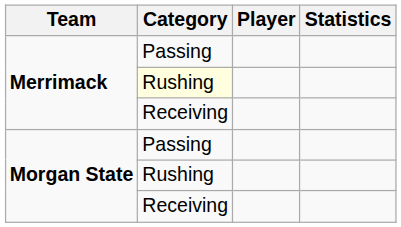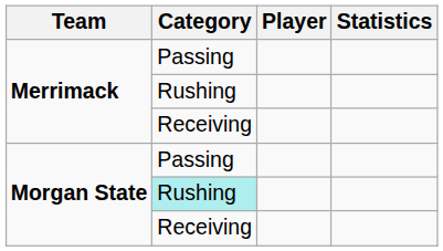 <table class="wikitable" style="float: right;">
 <tr>
 <th>Team</th>
 <th>Category</th>
 <th>Player</th>
 <th>Statistics</th>
 </tr>
 <tr>
 <td rowspan=3><strong>Merrimack</strong></td>
 <td>Passing</td>
 <td></td>
 <td></td>
 </tr>
 <tr>
-<td style="background: lightyellow;">Rushing</td>
+<td>Rushing</td>
 <td></td>
 <td></td>
 </tr>
 <tr>
 <td>Receiving</td>
 <td></td>
 <td></td>
 </tr>
 <tr>
 <td rowspan=3><strong>Morgan State</strong></td>
 <td>Passing</td>
 <td></td>
 <td></td>
 </tr>
 <tr>
-<td>Rushing</td>
+<td style="background: paleturquoise;">Rushing</td>
 <td></td>
 <td></td>
 </tr>
 <tr>
 <td>Receiving</td>
 <td></td>
 <td></td>
 </tr>
 </table>
